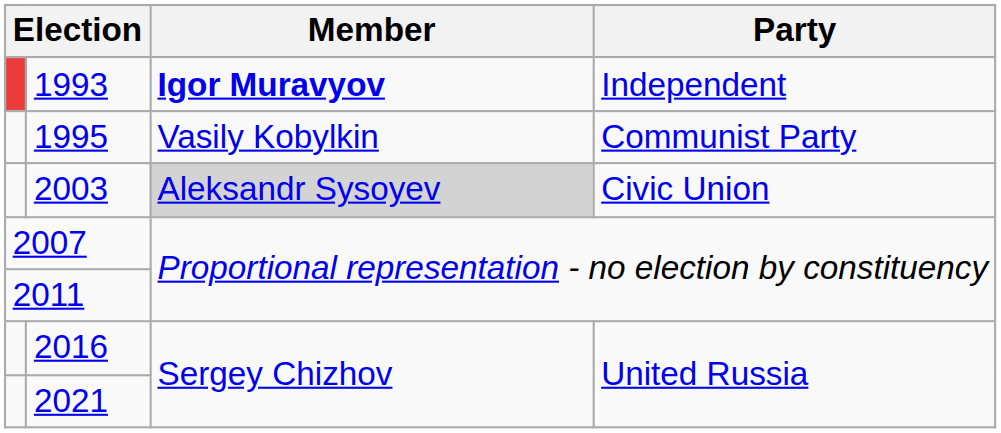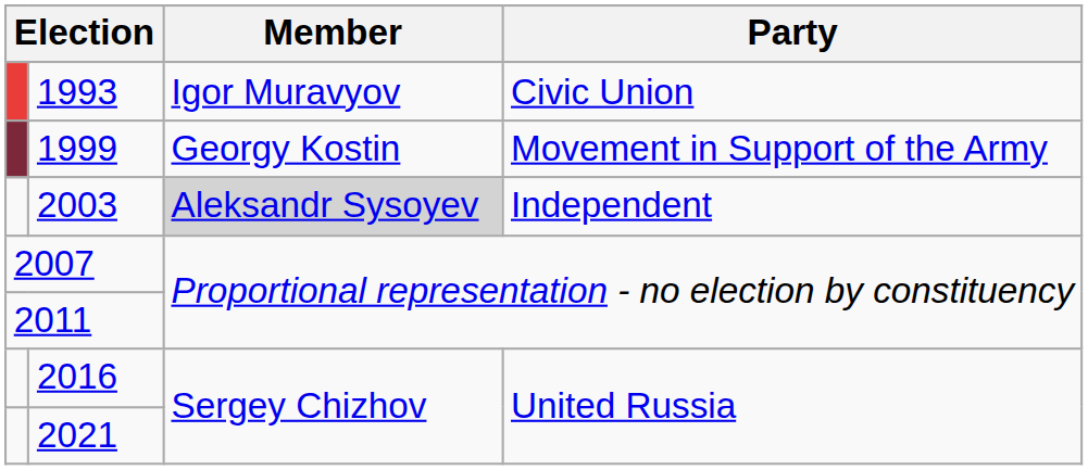 <table class="wikitable">
 <tr>
 <th colspan="2">Election</th>
 <th>Member</th>
 <th>Party</th>
 </tr>
 <tr>
 <td style="background-color:#EA3C38"></td>
 <td><a href='#'>1993</a></td>
-<td><strong><a href='#'>Igor Muravyov</a></strong></td>
-<td><a href='#'>Independent</a></td>
+<td><a href='#'>Igor Muravyov</a></td>
+<td><a href='#'>Civic Union</a></td>
 </tr>
 <tr>
-<td style="background-color:"></td>
-<td><a href='#'>1995</a></td>
-<td><a href='#'>Vasily Kobylkin</a></td>
-<td><a href='#'>Communist Party</a></td>
+<td style="background-color:#7C273A"></td>
+<td><a href='#'>1999</a></td>
+<td><a href='#'>Georgy Kostin</a></td>
+<td><a href='#'>Movement in Support of the Army</a></td>
 </tr>
 <tr>
 <td style="background-color:"></td>
 <td><a href='#'>2003</a></td>
 <td style="background: lightgrey;"><a href='#'>Aleksandr Sysoyev</a></td>
-<td><a href='#'>Civic Union</a></td>
+<td><a href='#'>Independent</a></td>
 </tr>
 <tr>
 <td colspan=2><a href='#'>2007</a></td>
 <td colspan=2 rowspan=2><em><a href='#'>Proportional representation</a> - no election by constituency</em></td>
 </tr>
 <tr>
 <td colspan=2><a href='#'>2011</a></td>
 </tr>
 <tr>
 <td style="background-color:"></td>
 <td><a href='#'>2016</a></td>
 <td rowspan=2><a href='#'>Sergey Chizhov</a></td>
 <td rowspan=2><a href='#'>United Russia</a></td>
 </tr>
 <tr>
 <td style="background-color:"></td>
 <td><a href='#'>2021</a></td>
 </tr>
 </table>
